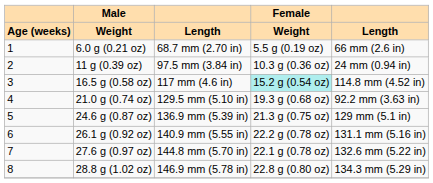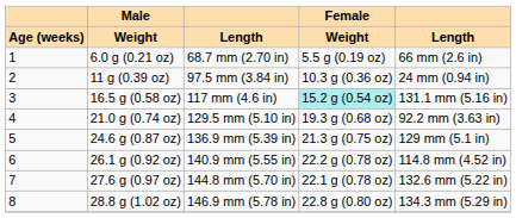 <table class="wikitable" style="align: center; float: right; margin-left: 0.5em">
 <tr --->
 <th style="background:#ffdead;"></th>
 <th style="background:#ffdead;"><strong>Male</strong></th>
 <th style="background:#ffdead;"></th>
 <th style="background:#ffdead;"><strong>Female</strong></th>
 <th style="background:#ffdead;"></th>
 </tr>
 <tr --->
 <th style="background:#ffdead;">Age (weeks)</th>
 <th style="background:#ffdead;">Weight</th>
 <th style="background:#ffdead;">Length</th>
 <th style="background:#ffdead;">Weight</th>
 <th style="background:#ffdead;">Length</th>
 </tr>
 <tr --->
 <td>1</td>
 <td>6.0 g (0.21 oz)</td>
 <td>68.7 mm (2.70 in)</td>
 <td>5.5 g (0.19 oz)</td>
 <td>66 mm (2.6 in)</td>
 </tr>
 <tr --->
 <td>2</td>
 <td>11 g (0.39 oz)</td>
 <td>97.5 mm (3.84 in)</td>
 <td>10.3 g (0.36 oz)</td>
 <td>24 mm (0.94 in)</td>
 </tr>
 <tr --->
 <td>3</td>
 <td>16.5 g (0.58 oz)</td>
 <td>117 mm (4.6 in)</td>
 <td style="background: paleturquoise;">15.2 g (0.54 oz)</td>
-<td>114.8 mm (4.52 in)</td>
+<td>131.1 mm (5.16 in)</td>
 </tr>
 <tr --->
 <td>4</td>
 <td>21.0 g (0.74 oz)</td>
 <td>129.5 mm (5.10 in)</td>
 <td>19.3 g (0.68 oz)</td>
 <td>92.2 mm (3.63 in)</td>
 </tr>
 <tr --->
 <td>5</td>
 <td>24.6 g (0.87 oz)</td>
 <td>136.9 mm (5.39 in)</td>
 <td>21.3 g (0.75 oz)</td>
 <td>129 mm (5.1 in)</td>
 </tr>
 <tr --->
 <td>6</td>
 <td>26.1 g (0.92 oz)</td>
 <td>140.9 mm (5.55 in)</td>
 <td>22.2 g (0.78 oz)</td>
-<td>131.1 mm (5.16 in)</td>
+<td>114.8 mm (4.52 in)</td>
 </tr>
 <tr --->
 <td>7</td>
 <td>27.6 g (0.97 oz)</td>
 <td>144.8 mm (5.70 in)</td>
 <td>22.1 g (0.78 oz)</td>
 <td>132.6 mm (5.22 in)</td>
 </tr>
 <tr --->
 <td>8</td>
 <td>28.8 g (1.02 oz)</td>
 <td>146.9 mm (5.78 in)</td>
 <td>22.8 g (0.80 oz)</td>
 <td>134.3 mm (5.29 in)</td>
 </tr>
 <tr --->
 </tr>
 </table>
